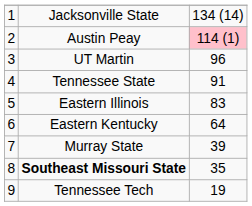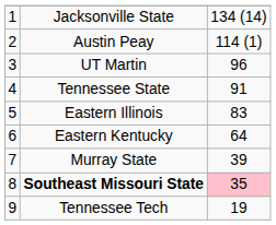 <table class="wikitable" style="display: inline-table;">
 <tr align="center">
 </tr>
 <tr align="center">
 <td>1</td>
 <td>Jacksonville State</td>
 <td>134 (14)</td>
 </tr>
 <tr align="center">
 <td>2</td>
 <td>Austin Peay</td>
-<td style="background: pink;">114 (1)</td>
+<td>114 (1)</td>
 </tr>
 <tr align="center">
 <td>3</td>
 <td>UT Martin</td>
 <td>96</td>
 </tr>
 <tr align="center">
 <td>4</td>
 <td>Tennessee State</td>
 <td>91</td>
 </tr>
 <tr align="center">
 <td>5</td>
 <td>Eastern Illinois</td>
 <td>83</td>
 </tr>
 <tr align="center">
 <td>6</td>
 <td>Eastern Kentucky</td>
 <td>64</td>
 </tr>
 <tr align="center">
 <td>7</td>
 <td>Murray State</td>
 <td>39</td>
 </tr>
 <tr align="center">
 <td>8</td>
 <td><strong>Southeast Missouri State</strong></td>
-<td>35</td>
+<td style="background: pink;">35</td>
 </tr>
 <tr align="center">
 <td>9</td>
 <td>Tennessee Tech</td>
 <td>19</td>
 </tr>
 </table>
